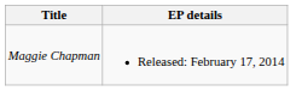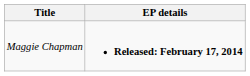 <table class="wikitable plainrowheaders" style="text-align:center;">
 <tr>
 <th>Title</th>
 <th>EP details</th>
 </tr>
 <tr>
 <td><em>Maggie Chapman</em></td>
-<td><br><ul><li>Released: February 17, 2014</li></ul></td>
+<td><strong><br><ul><li>Released: February 17, 2014</li></ul></strong></td>
 </tr>
 </table>
